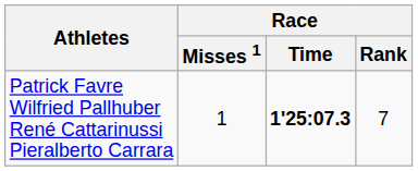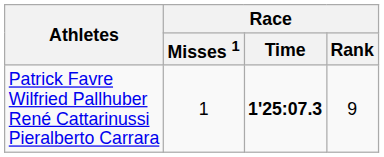 <table class="wikitable" border="1" style="font-size:90%">
 <tr>
 <th rowspan=2>Athletes</th>
 <th colspan=3>Race</th>
 </tr>
 <tr>
 <th>Misses <sup>1</sup></th>
 <th>Time</th>
 <th>Rank</th>
 </tr>
 <tr>
 <td><a href='#'>Patrick Favre</a><br><a href='#'>Wilfried Pallhuber</a><br><a href='#'>René Cattarinussi</a><br><a href='#'>Pieralberto Carrara</a></td>
 <td align=center>1</td>
 <td align=center><strong>1'25:07.3</strong></td>
-<td align=center>7</td>
+<td align=center>9</td>
 </tr>
 </table>
